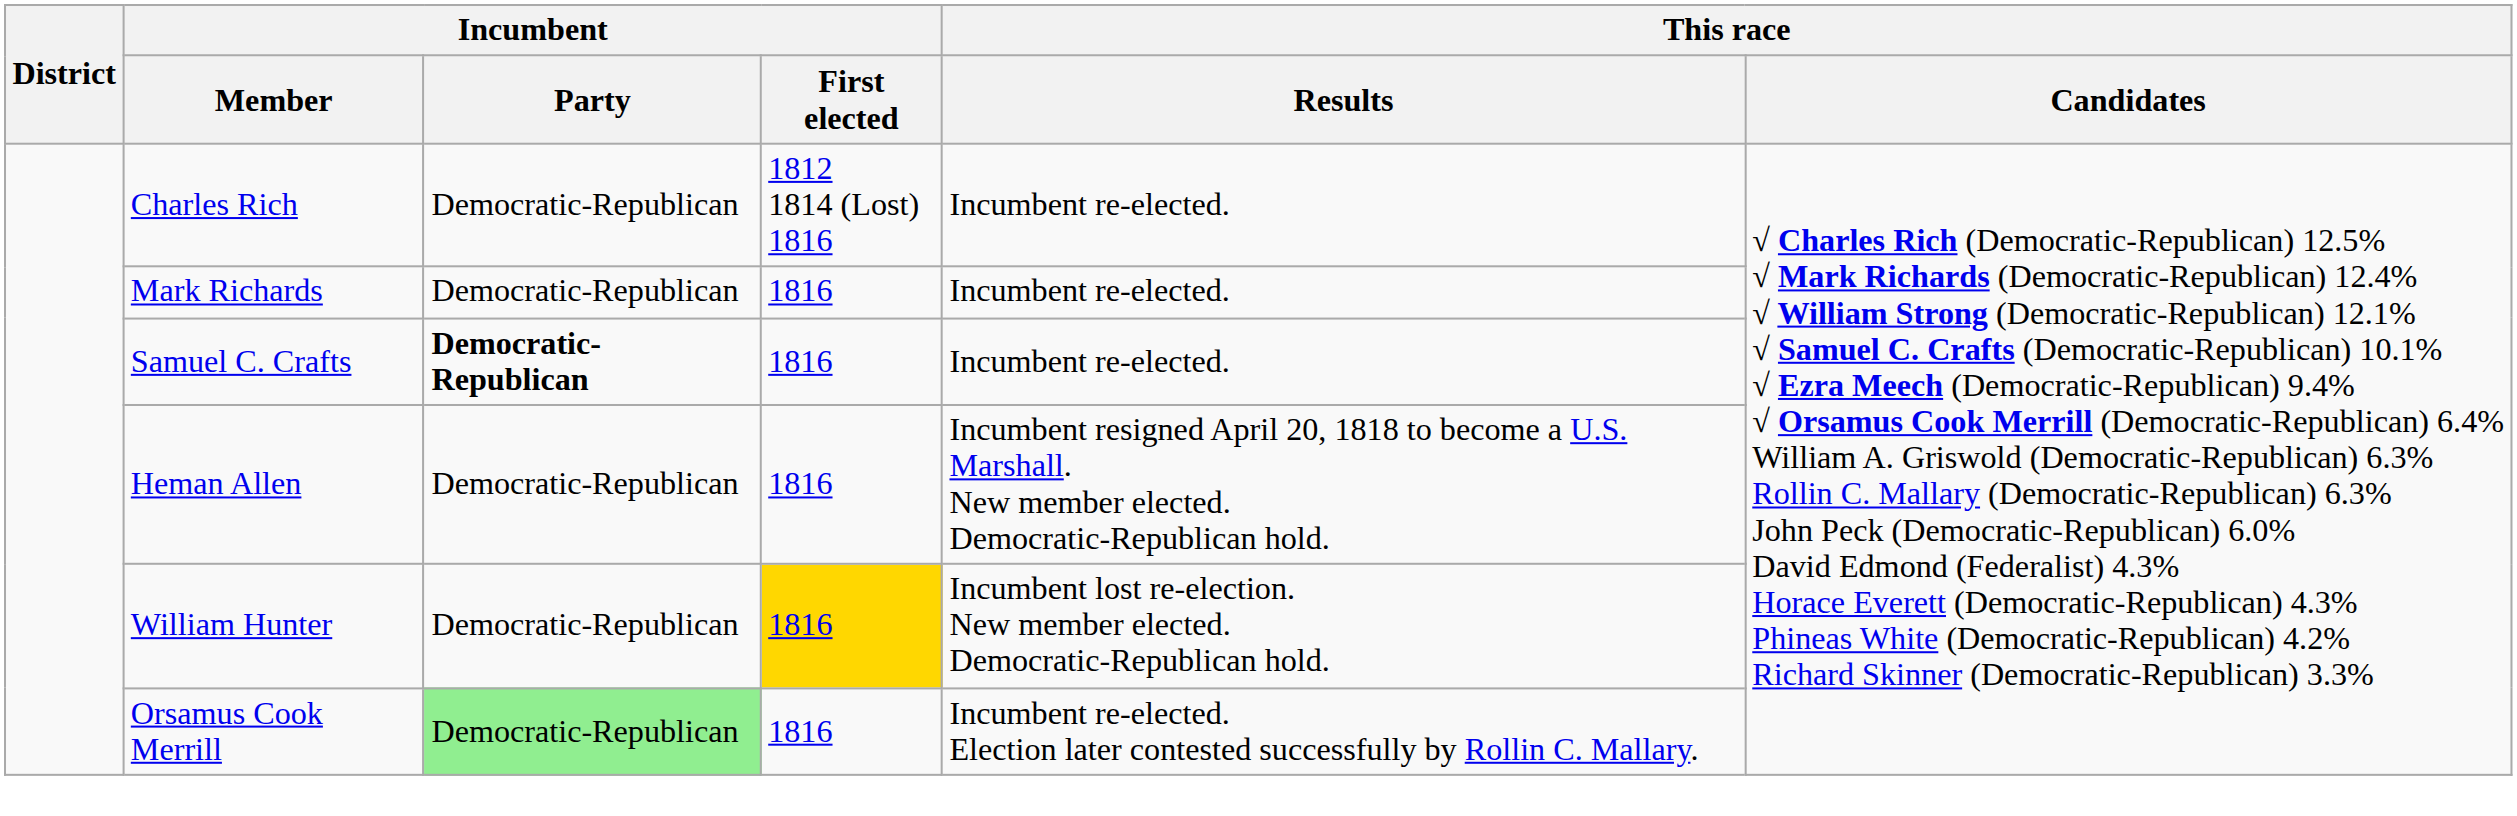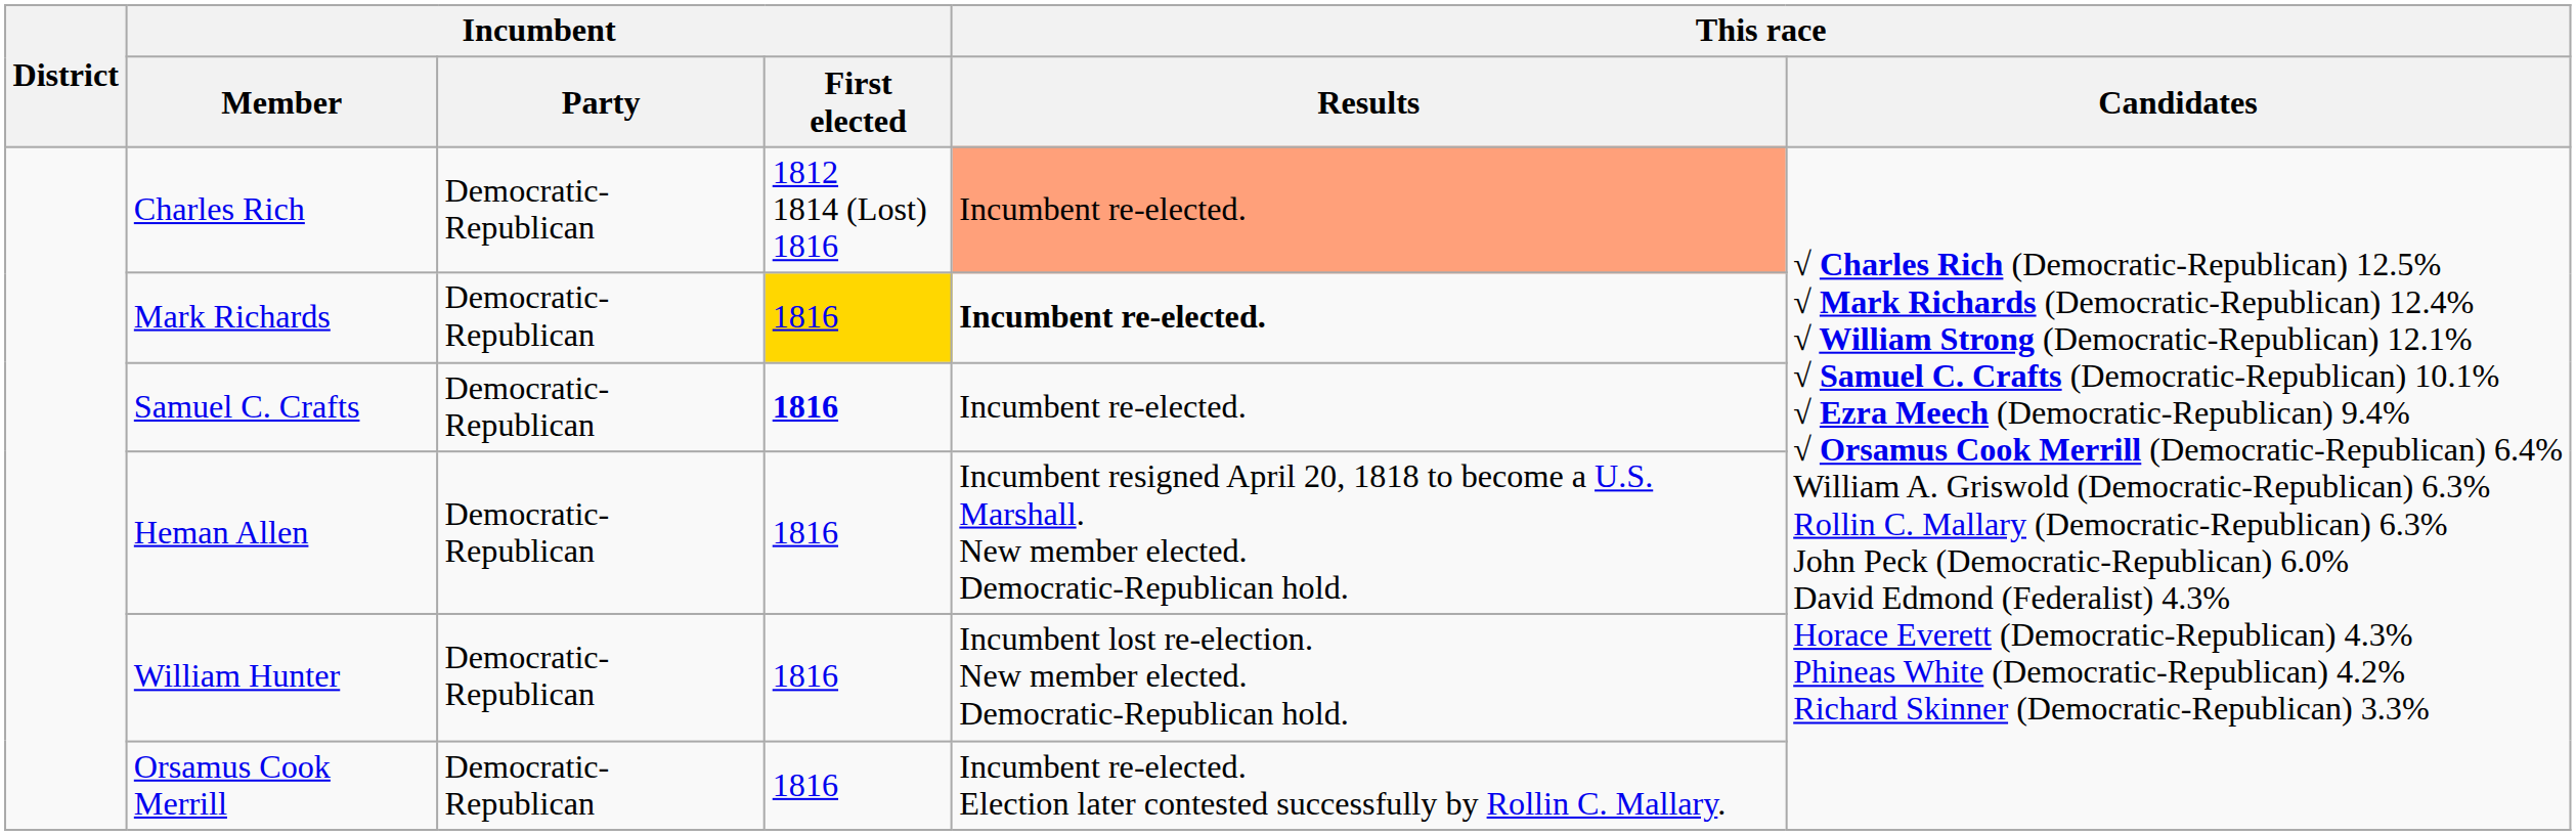 <table class=wikitable>
 <tr>
 <th rowspan=2>District</th>
 <th colspan=3>Incumbent</th>
 <th colspan=2>This race</th>
 </tr>
 <tr>
 <th>Member</th>
 <th>Party</th>
 <th>First elected</th>
 <th>Results</th>
 <th>Candidates</th>
 </tr>
 <tr>
 <td rowspan=6><br></td>
 <td><a href='#'>Charles Rich</a></td>
 <td>Democratic-Republican</td>
 <td><a href='#'>1812</a><br>1814 (Lost)<br><a href='#'>1816</a></td>
-<td>Incumbent re-elected.</td>
+<td style="background: lightsalmon;">Incumbent re-elected.</td>
 <td rowspan=6 nowrap><strong>√ <a href='#'>Charles Rich</a></strong> (Democratic-Republican) 12.5%<br><strong>√ <a href='#'>Mark Richards</a></strong> (Democratic-Republican) 12.4%<br><strong>√ <a href='#'>William Strong</a></strong> (Democratic-Republican) 12.1%<br><strong>√ <a href='#'>Samuel C. Crafts</a></strong> (Democratic-Republican) 10.1%<br><strong>√ <a href='#'>Ezra Meech</a></strong> (Democratic-Republican) 9.4%<br><strong>√ <a href='#'>Orsamus Cook Merrill</a></strong> (Democratic-Republican) 6.4%<br>William A. Griswold (Democratic-Republican) 6.3%<br><a href='#'>Rollin C. Mallary</a> (Democratic-Republican) 6.3%<br>John Peck (Democratic-Republican) 6.0%<br>David Edmond (Federalist) 4.3%<br><a href='#'>Horace Everett</a> (Democratic-Republican) 4.3%<br><a href='#'>Phineas White</a> (Democratic-Republican) 4.2%<br><a href='#'>Richard Skinner</a> (Democratic-Republican) 3.3%</td>
 </tr>
 <tr>
 <td><a href='#'>Mark Richards</a></td>
 <td>Democratic-Republican</td>
-<td><a href='#'>1816</a></td>
-<td>Incumbent re-elected.</td>
+<td style="background: gold;"><a href='#'>1816</a></td>
+<td><strong>Incumbent re-elected.</strong></td>
 </tr>
 <tr>
 <td><a href='#'>Samuel C. Crafts</a></td>
-<td><strong>Democratic-Republican</strong></td>
-<td><a href='#'>1816</a></td>
+<td>Democratic-Republican</td>
+<td><strong><a href='#'>1816</a></strong></td>
 <td>Incumbent re-elected.</td>
 </tr>
 <tr>
 <td><a href='#'>Heman Allen</a></td>
 <td>Democratic-Republican</td>
 <td><a href='#'>1816</a></td>
 <td>Incumbent resigned April 20, 1818 to become a <a href='#'>U.S. Marshall</a>.<br>New member elected.<br>Democratic-Republican hold.</td>
 </tr>
 <tr>
 <td><a href='#'>William Hunter</a></td>
 <td>Democratic-Republican</td>
-<td style="background: gold;"><a href='#'>1816</a></td>
+<td><a href='#'>1816</a></td>
 <td>Incumbent lost re-election.<br>New member elected.<br>Democratic-Republican hold.</td>
 </tr>
 <tr>
 <td><a href='#'>Orsamus Cook Merrill</a></td>
-<td style="background: lightgreen;">Democratic-Republican</td>
+<td>Democratic-Republican</td>
 <td><a href='#'>1816</a></td>
 <td>Incumbent re-elected.<br>Election later contested successfully by <a href='#'>Rollin C. Mallary</a>.</td>
 </tr>
 </table>
